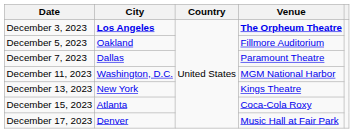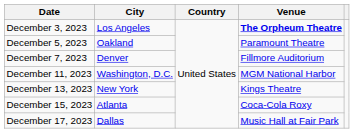 <table class="wikitable">
 <tr>
 <th scope="col">Date</th>
 <th scope="col">City</th>
 <th scope="col">Country</th>
 <th scope="col">Venue</th>
 <th scope="col"></th>
 </tr>
 <tr>
 <td>December 3, 2023</td>
-<td><strong><a href='#'>Los Angeles</a></strong></td>
+<td><a href='#'>Los Angeles</a></td>
 <td rowspan="7">United States</td>
 <td><strong><a href='#'>The Orpheum Theatre</a></strong></td>
 <td rowspan="7" style="text-align:center"></td>
 </tr>
 <tr>
 <td>December 5, 2023</td>
 <td><a href='#'>Oakland</a></td>
-<td><a href='#'>Fillmore Auditorium</a></td>
+<td><a href='#'>Paramount Theatre</a></td>
 </tr>
 <tr>
 <td>December 7, 2023</td>
-<td><a href='#'>Dallas</a></td>
-<td><a href='#'>Paramount Theatre</a></td>
+<td><a href='#'>Denver</a></td>
+<td><a href='#'>Fillmore Auditorium</a></td>
 </tr>
 <tr>
 <td>December 11, 2023</td>
 <td><a href='#'>Washington, D.C.</a></td>
 <td><a href='#'>MGM National Harbor</a></td>
 </tr>
 <tr>
 <td>December 13, 2023</td>
 <td><a href='#'>New York</a></td>
 <td><a href='#'>Kings Theatre</a></td>
 </tr>
 <tr>
 <td>December 15, 2023</td>
 <td><a href='#'>Atlanta</a></td>
 <td><a href='#'>Coca-Cola Roxy</a></td>
 </tr>
 <tr>
 <td>December 17, 2023</td>
-<td><a href='#'>Denver</a></td>
+<td><a href='#'>Dallas</a></td>
 <td><a href='#'>Music Hall at Fair Park</a></td>
 </tr>
 </table>
